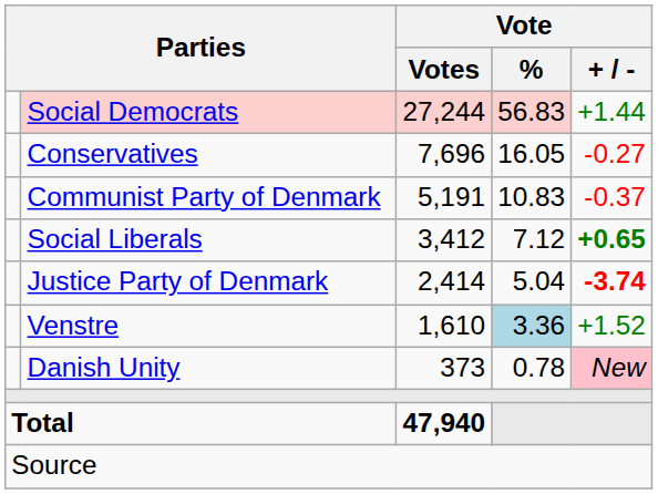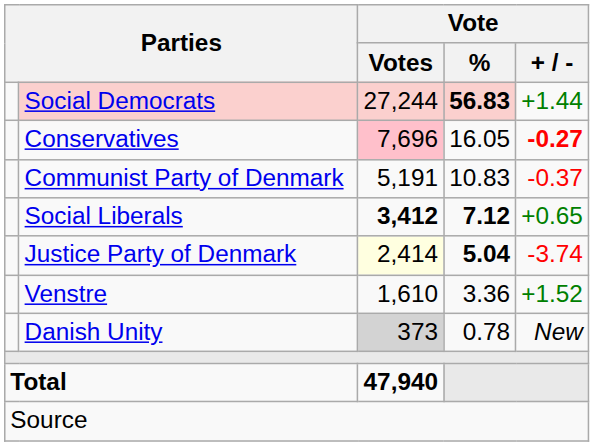 <table class="wikitable" style="text-align:right;">
 <tr>
 <th style="text-align:centre;" rowspan="2" colspan="2" width="225">Parties</th>
 <th colspan="3">Vote</th>
 </tr>
 <tr>
 <th width="15">Votes</th>
 <th width="15">%</th>
 <th width="15">+ / -</th>
 </tr>
 <tr>
 <td width="2" style="color:inherit;background:"></td>
 <td bgcolor=#fbd0ce  align="left"><a href='#'>Social Democrats</a></td>
 <td bgcolor=#fbd0ce>27,244</td>
-<td bgcolor=#fbd0ce>56.83</td>
+<td bgcolor=#fbd0ce><strong>56.83</strong></td>
 <td style=color:green;>+1.44</td>
 </tr>
 <tr>
 <td width="2" style="color:inherit;background:"></td>
 <td align="left"><a href='#'>Conservatives</a></td>
-<td>7,696</td>
+<td style="background: pink;">7,696</td>
 <td>16.05</td>
-<td style=color:red;>-0.27</td>
+<td style=color:red;><strong>-0.27</strong></td>
 </tr>
 <tr>
 <td width="2" style="color:inherit;background:"></td>
 <td align="left"><a href='#'>Communist Party of Denmark</a></td>
 <td>5,191</td>
 <td>10.83</td>
 <td style=color:red;>-0.37</td>
 </tr>
 <tr>
 <td width="2" style="color:inherit;background:"></td>
 <td align="left"><a href='#'>Social Liberals</a></td>
-<td>3,412</td>
-<td>7.12</td>
-<td style=color:green;><strong>+0.65</strong></td>
+<td><strong>3,412</strong></td>
+<td><strong>7.12</strong></td>
+<td style=color:green;>+0.65</td>
 </tr>
 <tr>
 <td width="2" style="color:inherit;background:"></td>
 <td align="left"><a href='#'>Justice Party of Denmark</a></td>
-<td>2,414</td>
-<td>5.04</td>
-<td style=color:red;><strong>-3.74</strong></td>
+<td style="background: lightyellow;">2,414</td>
+<td><strong>5.04</strong></td>
+<td style=color:red;>-3.74</td>
 </tr>
 <tr>
 <td width="2" style="color:inherit;background:"></td>
 <td align="left"><a href='#'>Venstre</a></td>
 <td>1,610</td>
-<td style="background: lightblue;">3.36</td>
+<td>3.36</td>
 <td style=color:green;>+1.52</td>
 </tr>
 <tr>
 <td width="2" style="color:inherit;background:"></td>
 <td align="left"><a href='#'>Danish Unity</a></td>
-<td>373</td>
+<td style="background: lightgrey;">373</td>
 <td>0.78</td>
-<td style="background: pink;"><em>New</em></td>
+<td><em>New</em></td>
 </tr>
 <tr>
 <td colspan="7" bgcolor="#E9E9E9"></td>
 </tr>
 <tr>
 <td align="left" colspan="2"><strong>Total</strong></td>
 <td><strong>47,940</strong></td>
 <td bgcolor="#E9E9E9" colspan="2"></td>
 </tr>
 <tr>
 <td align="left" colspan="6">Source</td>
 </tr>
 </table>
